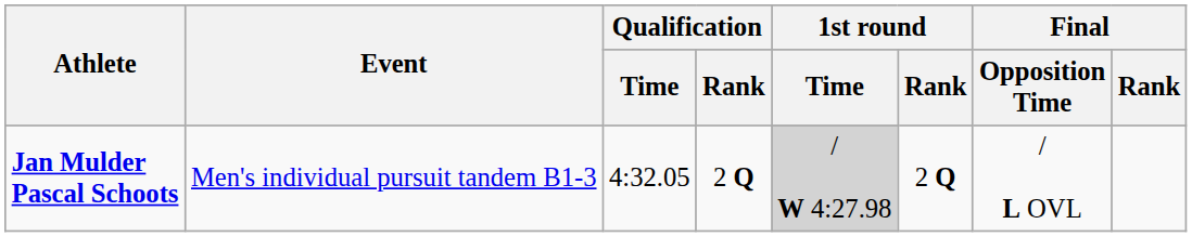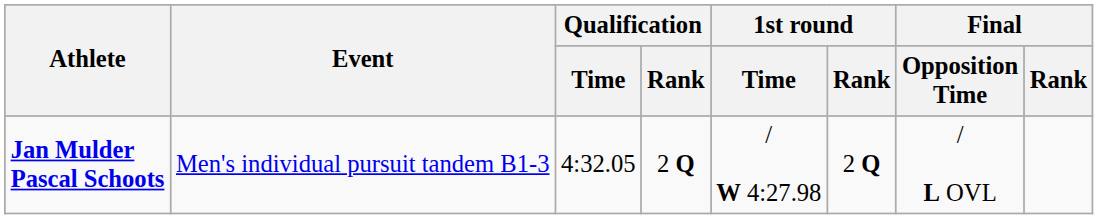 <table class=wikitable style="font-size:90%">
 <tr>
 <th rowspan="2">Athlete</th>
 <th rowspan="2">Event</th>
 <th colspan="2">Qualification</th>
 <th colspan="2">1st round</th>
 <th colspan="2">Final</th>
 </tr>
 <tr>
 <th>Time</th>
 <th>Rank</th>
 <th>Time</th>
 <th>Rank</th>
 <th>Opposition<br>Time</th>
 <th>Rank</th>
 </tr>
 <tr>
 <td><strong><a href='#'>Jan Mulder</a></strong><br> <strong><a href='#'>Pascal Schoots</a></strong></td>
 <td><a href='#'>Men's individual pursuit tandem B1-3</a></td>
 <td align="center">4:32.05</td>
 <td align="center">2 <strong>Q</strong></td>
-<td align="center" style="background: lightgrey;"> /<br> <br> <strong>W</strong> 4:27.98</td>
+<td align="center"> /<br> <br> <strong>W</strong> 4:27.98</td>
 <td align="center">2 <strong>Q</strong></td>
 <td align="center"> /<br> <br> <strong>L</strong> OVL</td>
 <td align="center"></td>
 </tr>
 </table>
